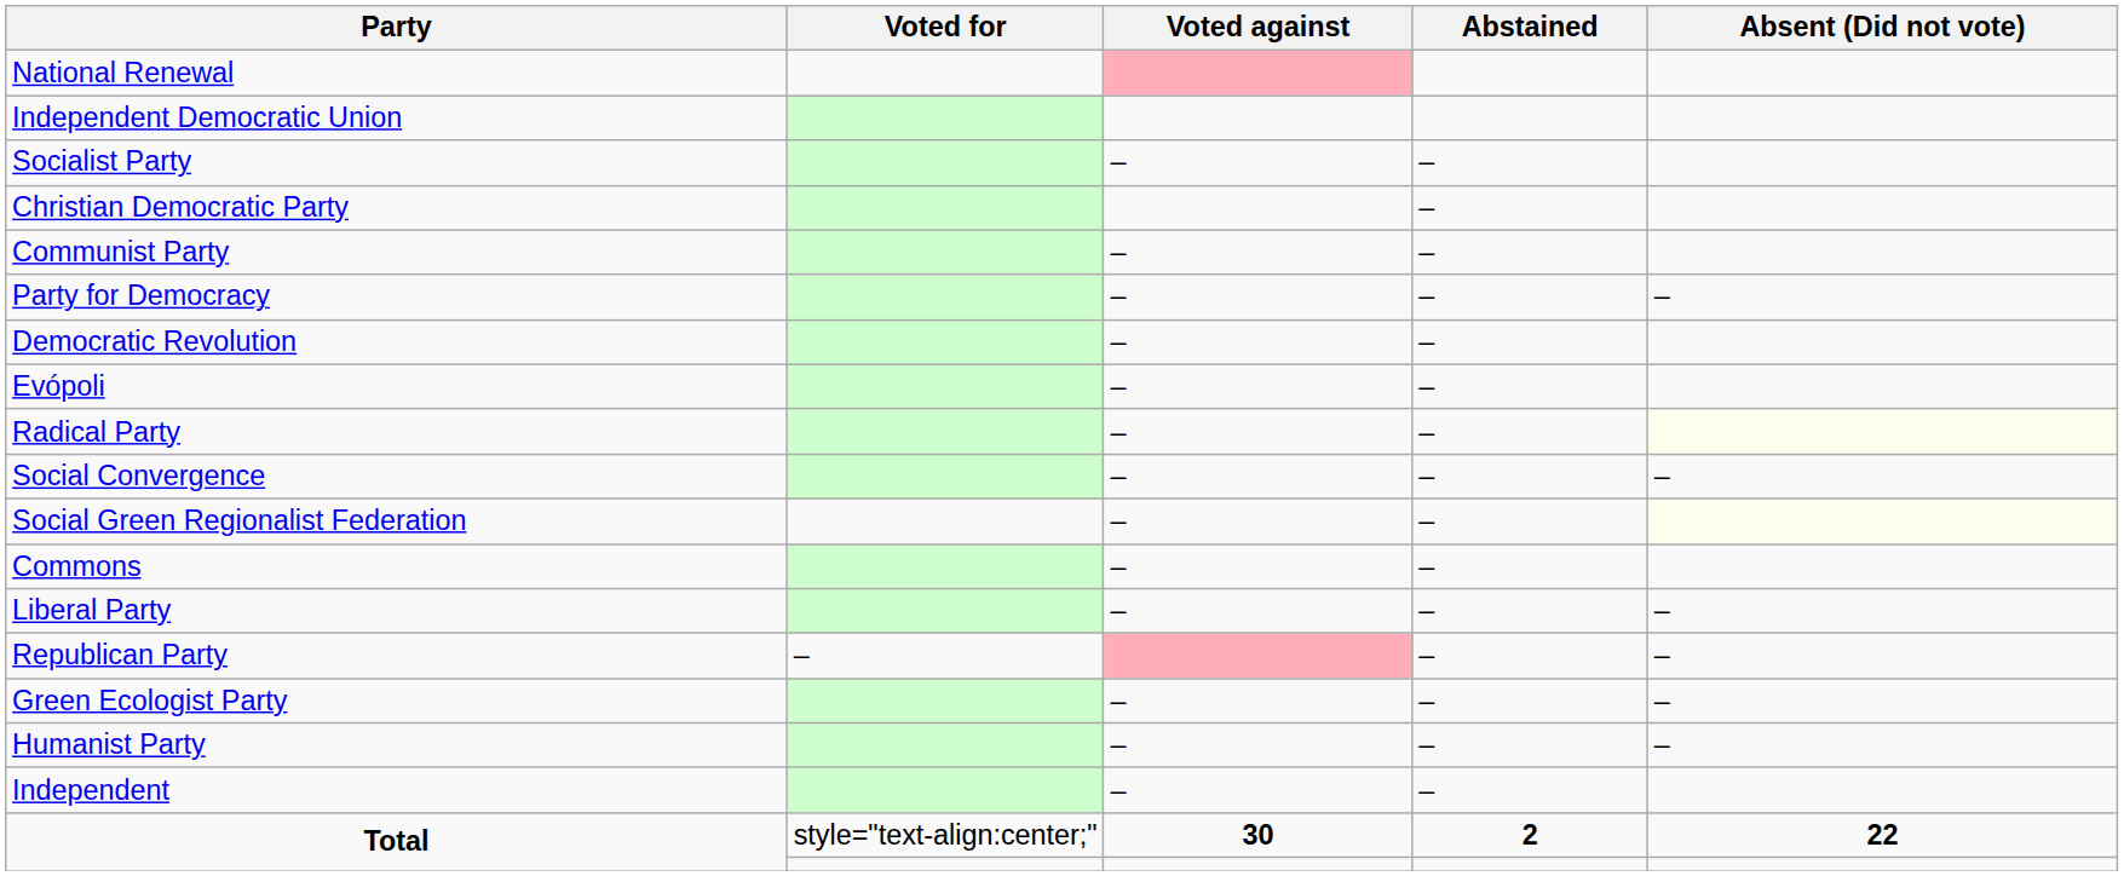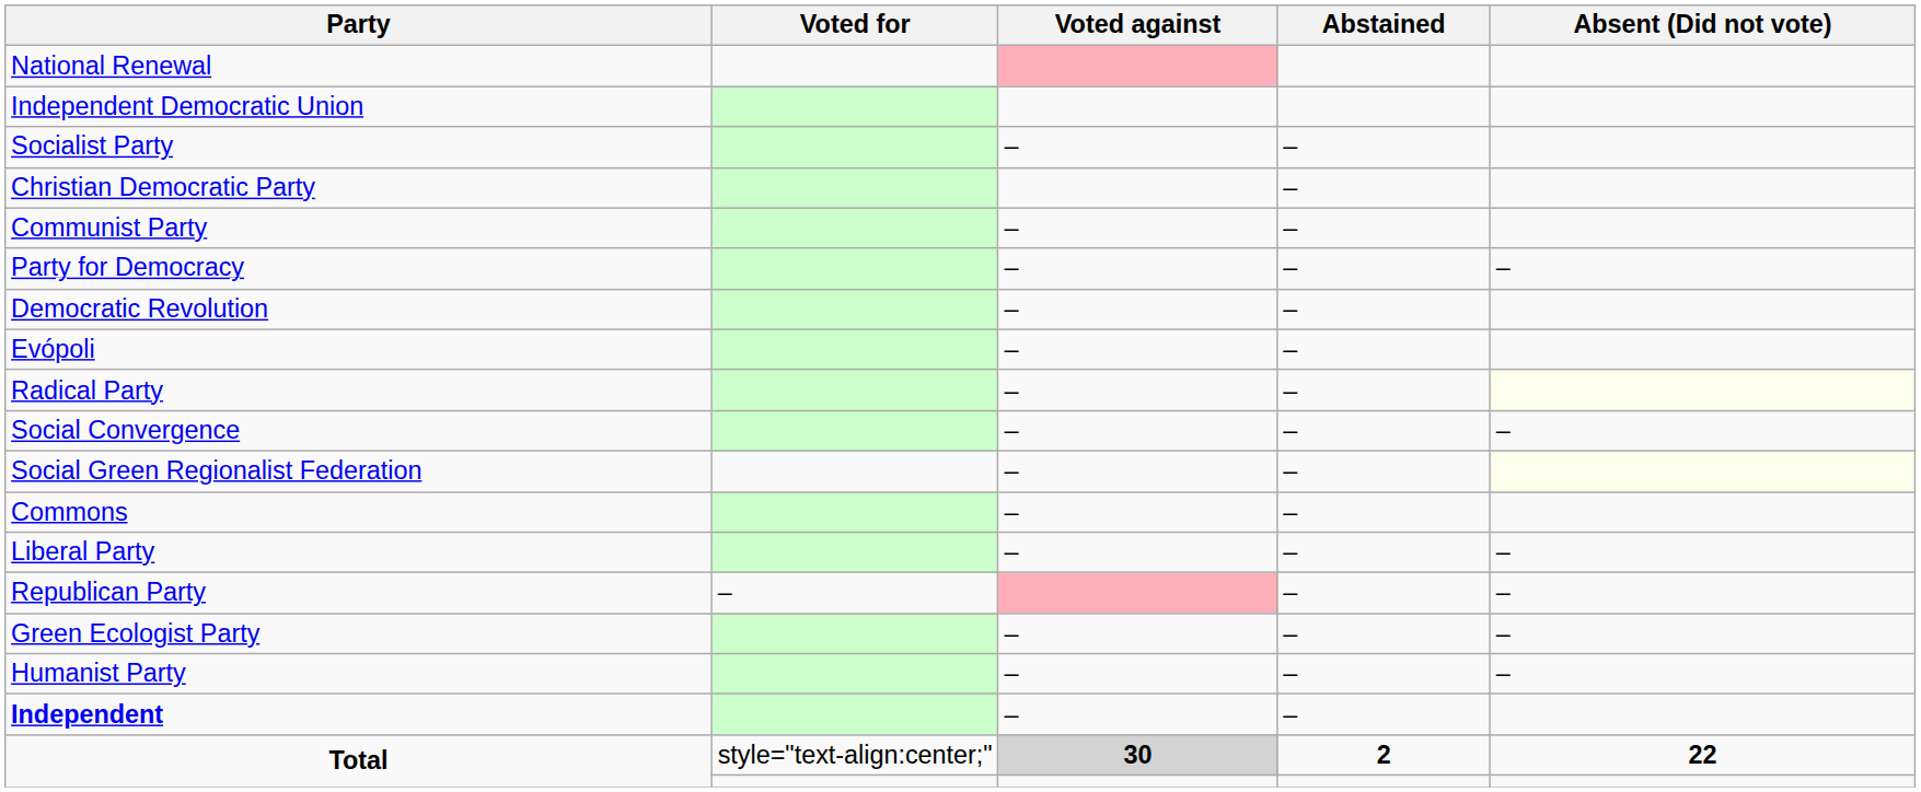 <table class="wikitable">
 <tr>
 <th style="width:37%;">Party</th>
 <th style="width:15%;">Voted for</th>
 <th>Voted against</th>
 <th>Abstained</th>
 <th>Absent (Did not vote)</th>
 </tr>
 <tr>
 <td> <a href='#'>National Renewal</a></td>
 <td></td>
 <td style="background-color:#FFAEB9;"></td>
 <td></td>
 <td></td>
 </tr>
 <tr>
 <td> <a href='#'>Independent Democratic Union</a></td>
 <td style="background-color:#CCFFCC;"></td>
 <td></td>
 <td></td>
 <td></td>
 </tr>
 <tr>
 <td> <a href='#'>Socialist Party</a></td>
 <td style="background-color:#CCFFCC;"></td>
 <td>–</td>
 <td>–</td>
 <td></td>
 </tr>
 <tr>
 <td> <a href='#'>Christian Democratic Party</a></td>
 <td style="background-color:#CCFFCC;"></td>
 <td></td>
 <td>–</td>
 <td></td>
 </tr>
 <tr>
 <td> <a href='#'>Communist Party</a></td>
 <td style="background-color:#CCFFCC;"></td>
 <td>–</td>
 <td>–</td>
 <td></td>
 </tr>
 <tr>
 <td> <a href='#'>Party for Democracy</a></td>
 <td style="background-color:#CCFFCC;"></td>
 <td>–</td>
 <td>–</td>
 <td>–</td>
 </tr>
 <tr>
 <td> <a href='#'>Democratic Revolution</a></td>
 <td style="background-color:#CCFFCC;"></td>
 <td>–</td>
 <td>–</td>
 <td></td>
 </tr>
 <tr>
 <td> <a href='#'>Evópoli</a></td>
 <td style="background-color:#CCFFCC;"></td>
 <td>–</td>
 <td>–</td>
 <td></td>
 </tr>
 <tr>
 <td> <a href='#'>Radical Party</a></td>
 <td style="background-color:#CCFFCC;"></td>
 <td>–</td>
 <td>–</td>
 <td style="background-color:#FFE;"></td>
 </tr>
 <tr>
 <td> <a href='#'>Social Convergence</a></td>
 <td style="background-color:#CCFFCC;"></td>
 <td>–</td>
 <td>–</td>
 <td>–</td>
 </tr>
 <tr>
 <td> <a href='#'>Social Green Regionalist Federation</a></td>
 <td></td>
 <td>–</td>
 <td>–</td>
 <td style="background-color:#FFE;"></td>
 </tr>
 <tr>
 <td> <a href='#'>Commons</a></td>
 <td style="background-color:#CCFFCC;"></td>
 <td>–</td>
 <td>–</td>
 <td></td>
 </tr>
 <tr>
 <td> <a href='#'>Liberal Party</a></td>
 <td style="background-color:#CCFFCC;"></td>
 <td>–</td>
 <td>–</td>
 <td>–</td>
 </tr>
 <tr>
 <td> <a href='#'>Republican Party</a></td>
 <td>–</td>
 <td style="background-color:#FFAEB9;"></td>
 <td>–</td>
 <td>–</td>
 </tr>
 <tr>
 <td> <a href='#'>Green Ecologist Party</a></td>
 <td style="background-color:#CCFFCC;"></td>
 <td>–</td>
 <td>–</td>
 <td>–</td>
 </tr>
 <tr>
 <td> <a href='#'>Humanist Party</a></td>
 <td style="background-color:#CCFFCC;"></td>
 <td>–</td>
 <td>–</td>
 <td>–</td>
 </tr>
 <tr>
-<td> <a href='#'>Independent</a></td>
+<td><strong> <a href='#'>Independent</a></strong></td>
 <td style="background-color:#CCFFCC;"></td>
 <td>–</td>
 <td>–</td>
 <td></td>
 </tr>
 <tr>
 <td style="text-align:center;" rowspan="2"><strong>Total</strong></td>
 <td>style="text-align:center;" </td>
-<td style="text-align:center;"><strong>30</strong></td>
+<td style="background: lightgrey; text-align:center;"><strong>30</strong></td>
 <td style="text-align:center;"><strong>2</strong></td>
 <td style="text-align:center;"><strong>22</strong></td>
 </tr>
 <tr>
 <td style="text-align:center;"></td>
 <td style="text-align:center;"></td>
 <td style="text-align:center;"></td>
 <td style="text-align:center;"></td>
 </tr>
 </table>
